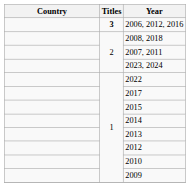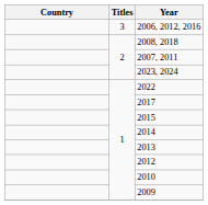 <table class="wikitable sortable" style="font-size: 85%;">
 <tr>
 <th width="150">Country</th>
 <th width="30">Titles</th>
 <th>Year</th>
 </tr>
 <tr>
 <td></td>
-<td style="text-align:center;"><strong>3</strong></td>
+<td style="text-align:center;">3</td>
 <td>2006, 2012<s></s>, 2016</td>
 </tr>
 <tr>
 <td></td>
 <td rowspan="3" style="text-align:center;">2</td>
 <td>2008, 2018</td>
 </tr>
 <tr>
 <td></td>
 <td>2007, 2011</td>
 </tr>
 <tr>
 <td></td>
 <td>2023, 2024</td>
 </tr>
 <tr>
 <td></td>
 <td rowspan="8" style="text-align:center;">1</td>
 <td>2022</td>
 </tr>
 <tr>
 <td></td>
 <td>2017</td>
 </tr>
 <tr>
 <td></td>
 <td>2015</td>
 </tr>
 <tr>
 <td></td>
 <td>2014</td>
 </tr>
 <tr>
 <td></td>
 <td>2013</td>
 </tr>
 <tr>
 <td></td>
 <td>2012</td>
 </tr>
 <tr>
 <td></td>
 <td>2010</td>
 </tr>
 <tr>
 <td></td>
 <td>2009</td>
 </tr>
 <tr>
 </tr>
 </table>
